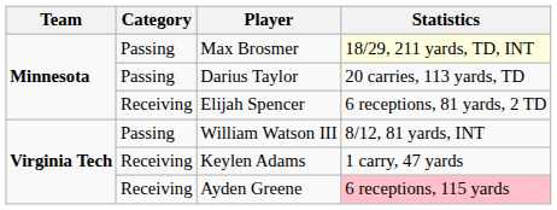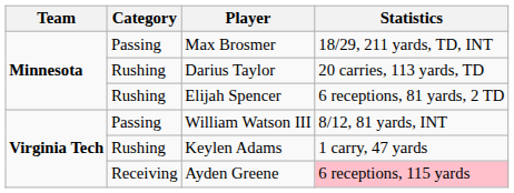 <table class="wikitable" style="float: right;">
 <tr>
 <th>Team</th>
 <th>Category</th>
 <th>Player</th>
 <th>Statistics</th>
 </tr>
 <tr>
 <td rowspan=3><strong>Minnesota</strong></td>
 <td>Passing</td>
 <td>Max Brosmer</td>
-<td style="background: lightyellow;">18/29, 211 yards, TD, INT</td>
+<td>18/29, 211 yards, TD, INT</td>
 </tr>
 <tr>
-<td>Passing</td>
+<td>Rushing</td>
 <td>Darius Taylor</td>
 <td>20 carries, 113 yards, TD</td>
 </tr>
 <tr>
-<td>Receiving</td>
+<td>Rushing</td>
 <td>Elijah Spencer</td>
 <td>6 receptions, 81 yards, 2 TD</td>
 </tr>
 <tr>
 <td rowspan=3><strong>Virginia Tech</strong></td>
 <td>Passing</td>
 <td>William Watson III</td>
 <td>8/12, 81 yards, INT</td>
 </tr>
 <tr>
-<td>Receiving</td>
+<td>Rushing</td>
 <td>Keylen Adams</td>
 <td>1 carry, 47 yards</td>
 </tr>
 <tr>
 <td>Receiving</td>
 <td>Ayden Greene</td>
 <td style="background: pink;">6 receptions, 115 yards</td>
 </tr>
 </table>
